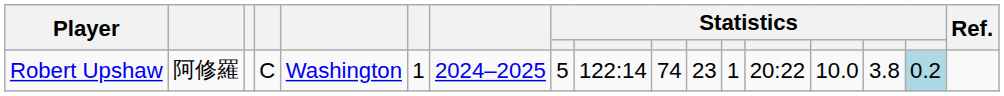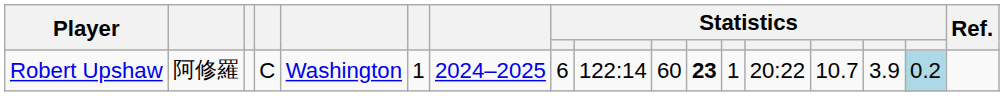 <table class="wikitable sortable" style="font-size:95%; text-align:right;">
 <tr>
 <th rowspan="2">Player</th>
 <th rowspan="2"></th>
 <th rowspan="2"></th>
 <th rowspan="2"></th>
 <th rowspan="2"></th>
 <th rowspan="2"></th>
 <th rowspan="2"></th>
 <th colspan="9">Statistics</th>
 <th rowspan="2">Ref.</th>
 </tr>
 <tr>
 <th></th>
 <th></th>
 <th></th>
 <th></th>
 <th></th>
 <th></th>
 <th></th>
 <th></th>
 <th></th>
 </tr>
 <tr>
 <td align="left"><a href='#'>Robert Upshaw</a></td>
 <td align="left">阿修羅</td>
 <td align="center"></td>
 <td align="center">C</td>
 <td align="left"><a href='#'>Washington</a></td>
 <td align="center">1</td>
 <td align="center"><a href='#'>2024–2025</a></td>
-<td>5</td>
+<td>6</td>
 <td>122:14</td>
-<td>74</td>
-<td>23</td>
+<td>60</td>
+<td><strong>23</strong></td>
 <td>1</td>
 <td>20:22</td>
-<td>10.0</td>
-<td>3.8</td>
+<td>10.7</td>
+<td>3.9</td>
 <td style="background: lightblue;">0.2</td>
 <td align="center"></td>
 </tr>
 </table>
